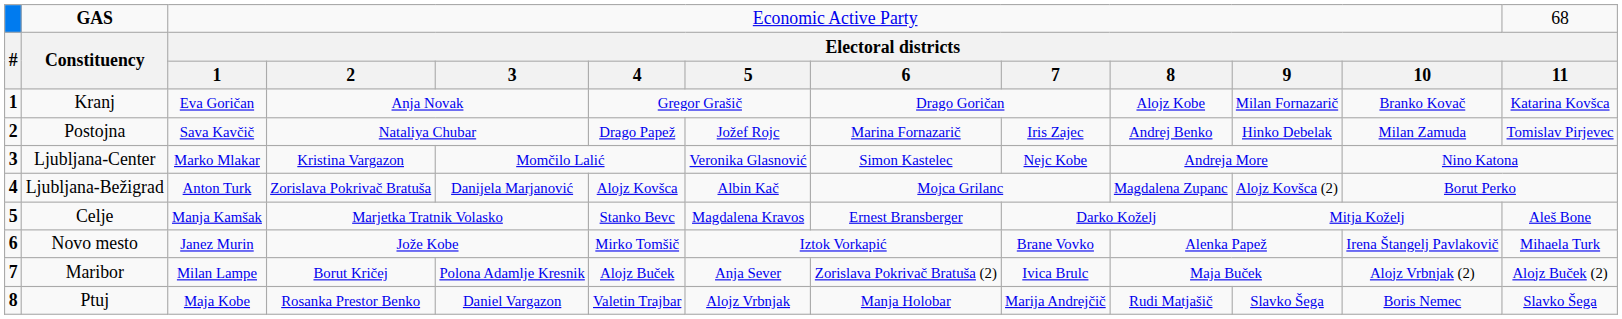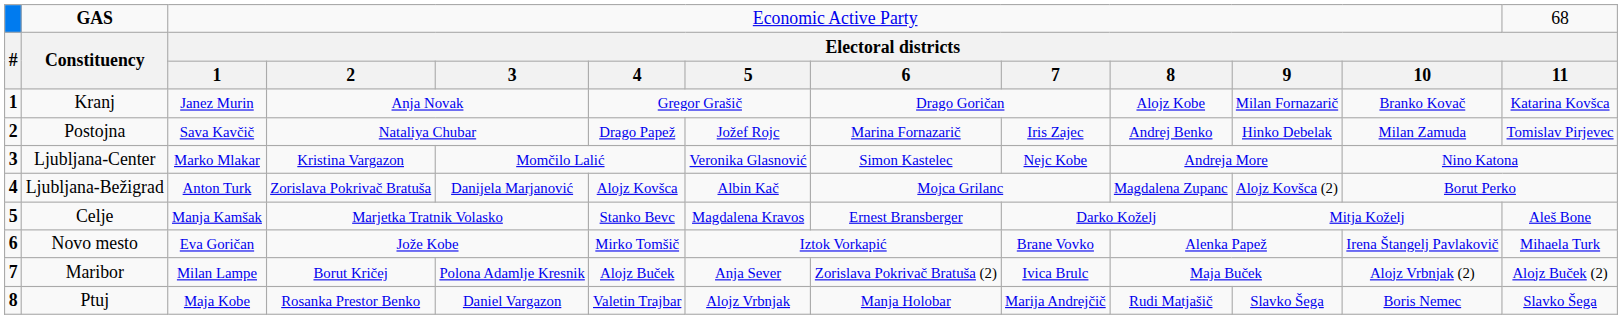 <table class="wikitable" style="text-align: center;">
 <tr>
 <td style="background:#007bef"></td>
 <td><strong>GAS</strong></td>
 <td colspan="10"><a href='#'>Economic Active Party</a><br></td>
 <td>68</td>
 </tr>
 <tr>
 <th rowspan="2">#</th>
 <th rowspan="2">Constituency</th>
 <th colspan="11">Electoral districts</th>
 </tr>
 <tr>
 <th>1</th>
 <th>2</th>
 <th>3</th>
 <th>4</th>
 <th>5</th>
 <th>6</th>
 <th>7</th>
 <th>8</th>
 <th>9</th>
 <th>10</th>
 <th>11</th>
 </tr>
 <tr>
 <td style="text-align:center;"><strong>1</strong></td>
 <td>Kranj</td>
-<td><a href='#'><small>Eva Goričan</small></a></td>
+<td><a href='#'><small>Janez Murin</small></a></td>
 <td colspan="2"><a href='#'><small>Anja Novak</small></a></td>
 <td colspan="2"><a href='#'><small>Gregor Grašič</small></a></td>
 <td colspan="2"><a href='#'><small>Drago Goričan</small></a></td>
 <td><a href='#'><small>Alojz Kobe</small></a></td>
 <td><a href='#'><small>Milan Fornazarič</small></a></td>
 <td><a href='#'><small>Branko Kovač</small></a></td>
 <td><a href='#'><small>Katarina Kovšca</small></a></td>
 </tr>
 <tr>
 <td style="text-align:center;"><strong>2</strong></td>
 <td>Postojna</td>
 <td><a href='#'><small>Sava Kavčič</small></a></td>
 <td colspan="2"><a href='#'><small>Nataliya Chubar</small></a></td>
 <td><a href='#'><small>Drago Papež</small></a></td>
 <td><a href='#'><small>Jožef Rojc</small></a></td>
 <td><a href='#'><small>Marina Fornazarič</small></a></td>
 <td><a href='#'><small>Iris Zajec</small></a></td>
 <td><a href='#'><small>Andrej Benko</small></a></td>
 <td><a href='#'><small>Hinko Debelak</small></a></td>
 <td><a href='#'><small>Milan Zamuda</small></a></td>
 <td><a href='#'><small>Tomislav Pirjevec</small></a></td>
 </tr>
 <tr>
 <td style="text-align:center;"><strong>3</strong></td>
 <td>Ljubljana-Center</td>
 <td><a href='#'><small>Marko Mlakar</small></a></td>
 <td><a href='#'><small>Kristina Vargazon</small></a></td>
 <td colspan="2"><a href='#'><small>Momčilo Lalić</small></a></td>
 <td><a href='#'><small>Veronika Glasnović</small></a></td>
 <td><a href='#'><small>Simon Kastelec</small></a></td>
 <td><a href='#'><small>Nejc Kobe</small></a></td>
 <td colspan="2"><a href='#'><small>Andreja More</small></a></td>
 <td colspan="2"><a href='#'><small>Nino Katona</small></a></td>
 </tr>
 <tr>
 <td style="text-align:center;"><strong>4</strong></td>
 <td>Ljubljana-Bežigrad</td>
 <td><a href='#'><small>Anton Turk</small></a></td>
 <td><a href='#'><small>Zorislava Pokrivač Bratuša</small></a></td>
 <td><a href='#'><small>Danijela Marjanović</small></a></td>
 <td><a href='#'><small>Alojz Kovšca</small></a></td>
 <td><a href='#'><small>Albin Kač</small></a></td>
 <td colspan="2"><a href='#'><small>Mojca Grilanc</small></a></td>
 <td><a href='#'><small>Magdalena Zupanc</small></a></td>
 <td><small><a href='#'>Alojz Kovšca</a> (2)</small></td>
 <td colspan="2"><a href='#'><small>Borut Perko</small></a></td>
 </tr>
 <tr>
 <td style="text-align:center;"><strong>5</strong></td>
 <td>Celje</td>
 <td><a href='#'><small>Manja Kamšak</small></a></td>
 <td colspan="2"><a href='#'><small>Marjetka Tratnik Volasko</small></a></td>
 <td><a href='#'><small>Stanko Bevc</small></a></td>
 <td><a href='#'><small>Magdalena Kravos</small></a></td>
 <td><a href='#'><small>Ernest Bransberger</small></a></td>
 <td colspan="2"><a href='#'><small>Darko Koželj</small></a></td>
 <td colspan="2"><a href='#'><small>Mitja Koželj</small></a></td>
 <td><a href='#'><small>Aleš Bone</small></a></td>
 </tr>
 <tr>
 <td style="text-align:center;"><strong>6</strong></td>
 <td>Novo mesto</td>
-<td><a href='#'><small>Janez Murin</small></a></td>
+<td><a href='#'><small>Eva Goričan</small></a></td>
 <td colspan="2"><a href='#'><small>Jože Kobe</small></a></td>
 <td><a href='#'><small>Mirko Tomšič</small></a></td>
 <td colspan="2"><a href='#'><small>Iztok Vorkapić</small></a></td>
 <td><a href='#'><small>Brane Vovko</small></a></td>
 <td colspan="2"><a href='#'><small>Alenka Papež</small></a></td>
 <td><a href='#'><small>Irena Štangelj Pavlakovič</small></a></td>
 <td><a href='#'><small>Mihaela Turk</small></a></td>
 </tr>
 <tr>
 <td style="text-align:center;"><strong>7</strong></td>
 <td>Maribor</td>
 <td><a href='#'><small>Milan Lampe</small></a></td>
 <td><a href='#'><small>Borut Kričej</small></a></td>
 <td><a href='#'><small>Polona Adamlje Kresnik</small></a></td>
 <td><a href='#'><small>Alojz Buček</small></a></td>
 <td><a href='#'><small>Anja Sever</small></a></td>
 <td><small><a href='#'>Zorislava Pokrivač Bratuša</a> (2)</small></td>
 <td><a href='#'><small>Ivica Brulc</small></a></td>
 <td colspan="2"><a href='#'><small>Maja Buček</small></a></td>
 <td><small><a href='#'>Alojz Vrbnjak</a> (2)</small></td>
 <td><small><a href='#'>Alojz Buček</a> (2)</small></td>
 </tr>
 <tr>
 <td style="text-align:center;"><strong>8</strong></td>
 <td>Ptuj</td>
 <td><a href='#'><small>Maja Kobe</small></a></td>
 <td><a href='#'><small>Rosanka Prestor Benko</small></a></td>
 <td><a href='#'><small>Daniel Vargazon</small></a></td>
 <td><a href='#'><small>Valetin Trajbar</small></a></td>
 <td><a href='#'><small>Alojz Vrbnjak</small></a></td>
 <td><a href='#'><small>Manja Holobar</small></a></td>
 <td><a href='#'><small>Marija Andrejčič</small></a></td>
 <td><a href='#'><small>Rudi Matjašič</small></a></td>
 <td><a href='#'><small>Slavko Šega</small></a></td>
 <td><a href='#'><small>Boris Nemec</small></a></td>
 <td><a href='#'><small>Slavko Šega</small></a></td>
 </tr>
 </table>
